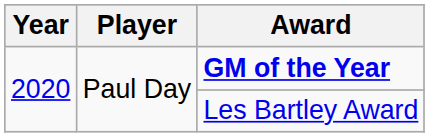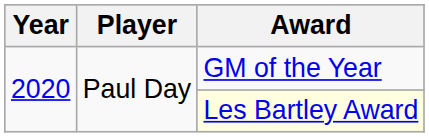 <table class="wikitable">
 <tr>
 <th>Year</th>
 <th>Player</th>
 <th>Award</th>
 </tr>
 <tr>
 <td rowspan="2"><a href='#'>2020</a></td>
 <td rowspan="2">Paul Day</td>
-<td><strong><a href='#'>GM of the Year</a></strong></td>
+<td><a href='#'>GM of the Year</a></td>
 </tr>
 <tr>
-<td><a href='#'>Les Bartley Award</a></td>
+<td style="background: lightyellow;"><a href='#'>Les Bartley Award</a></td>
 </tr>
 </table>
